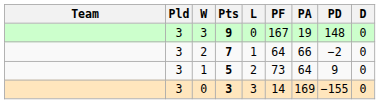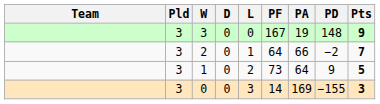 <table class="wikitable" style="text-align:center;">
 <tr>
 <th width=175>Team</th>
 <th width=20 abbr="Played">Pld</th>
 <th width=20 abbr="Won">W</th>
-<th width=20 abbr="Points">Pts</th>
+<th width=20 abbr="Drawn">D</th>
 <th width=20 abbr="Lost">L</th>
 <th width=20 abbr="Points for">PF</th>
 <th width=20 abbr="Points against">PA</th>
 <th width=30 abbr="Points difference">PD</th>
-<th width=20 abbr="Drawn">D</th>
+<th width=20 abbr="Points">Pts</th>
 </tr>
 <tr bgcolor=ccffcc>
 <td align=left></td>
 <td>3</td>
 <td>3</td>
-<td><strong> 9 </strong></td>
+<td>0</td>
 <td>0</td>
 <td>167</td>
 <td>19</td>
 <td>148</td>
-<td>0</td>
+<td><strong> 9 </strong></td>
 </tr>
 <tr>
 <td align=left></td>
 <td>3</td>
 <td>2</td>
-<td><strong> 7 </strong></td>
+<td>0</td>
 <td>1</td>
 <td>64</td>
 <td>66</td>
 <td>−2</td>
-<td>0</td>
+<td><strong> 7 </strong></td>
 </tr>
 <tr>
 <td align=left></td>
 <td>3</td>
 <td>1</td>
-<td><strong> 5 </strong></td>
+<td>0</td>
 <td>2</td>
 <td>73</td>
 <td>64</td>
 <td>9</td>
-<td>0</td>
+<td><strong> 5 </strong></td>
 </tr>
 <tr bgcolor=ffe6bd>
 <td align=left></td>
 <td>3</td>
 <td>0</td>
-<td><strong> 3 </strong></td>
+<td>0</td>
 <td>3</td>
 <td>14</td>
 <td>169</td>
 <td>−155</td>
-<td>0</td>
+<td><strong> 3 </strong></td>
 </tr>
 </table>
